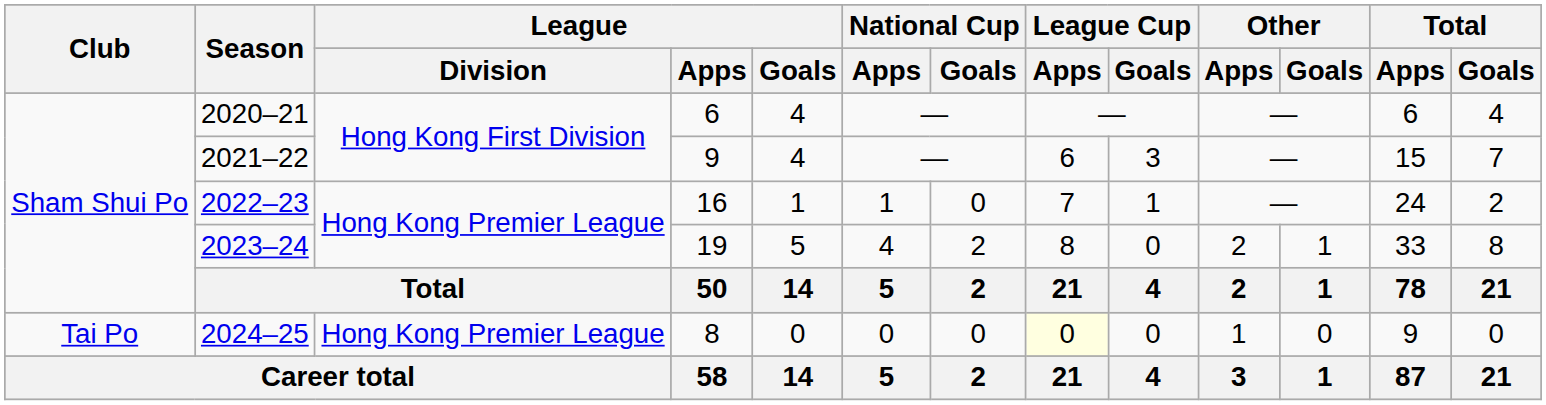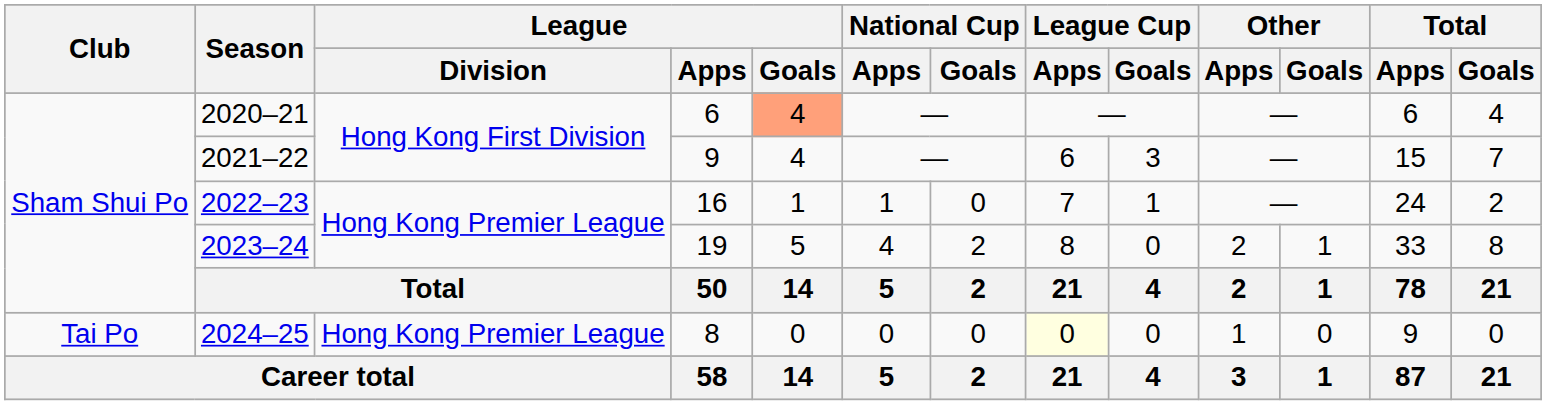 <table class="wikitable" style="text-align: center">
 <tr>
 <th rowspan="2">Club</th>
 <th rowspan="2">Season</th>
 <th colspan="3">League</th>
 <th colspan="2">National Cup</th>
 <th colspan="2">League Cup</th>
 <th colspan="2">Other</th>
 <th colspan="2">Total</th>
 </tr>
 <tr>
 <th>Division</th>
 <th>Apps</th>
 <th>Goals</th>
 <th>Apps</th>
 <th>Goals</th>
 <th>Apps</th>
 <th>Goals</th>
 <th>Apps</th>
 <th>Goals</th>
 <th>Apps</th>
 <th>Goals</th>
 </tr>
 <tr>
 <td rowspan="5"><a href='#'>Sham Shui Po</a></td>
 <td>2020–21</td>
 <td rowspan="2"><a href='#'>Hong Kong First Division</a></td>
 <td>6</td>
-<td>4</td>
+<td style="background: lightsalmon;">4</td>
 <td colspan="2">—</td>
 <td colspan="2">—</td>
 <td colspan="2">—</td>
 <td>6</td>
 <td>4</td>
 </tr>
 <tr>
 <td>2021–22</td>
 <td>9</td>
 <td>4</td>
 <td colspan="2">—</td>
 <td>6</td>
 <td>3</td>
 <td colspan="2">—</td>
 <td>15</td>
 <td>7</td>
 </tr>
 <tr>
 <td><a href='#'>2022–23</a></td>
 <td rowspan="2"><a href='#'>Hong Kong Premier League</a></td>
 <td>16</td>
 <td>1</td>
 <td>1</td>
 <td>0</td>
 <td>7</td>
 <td>1</td>
 <td colspan="2">—</td>
 <td>24</td>
 <td>2</td>
 </tr>
 <tr>
 <td><a href='#'>2023–24</a></td>
 <td>19</td>
 <td>5</td>
 <td>4</td>
 <td>2</td>
 <td>8</td>
 <td>0</td>
 <td>2</td>
 <td>1</td>
 <td>33</td>
 <td>8</td>
 </tr>
 <tr>
 <th colspan="2">Total</th>
 <th>50</th>
 <th>14</th>
 <th>5</th>
 <th>2</th>
 <th>21</th>
 <th>4</th>
 <th>2</th>
 <th>1</th>
 <th>78</th>
 <th>21</th>
 </tr>
 <tr>
 <td><a href='#'>Tai Po</a></td>
 <td><a href='#'>2024–25</a></td>
 <td><a href='#'>Hong Kong Premier League</a></td>
 <td>8</td>
 <td>0</td>
 <td>0</td>
 <td>0</td>
 <td style="background: lightyellow;">0</td>
 <td>0</td>
 <td>1</td>
 <td>0</td>
 <td>9</td>
 <td>0</td>
 </tr>
 <tr>
 <th colspan="3">Career total</th>
 <th>58</th>
 <th>14</th>
 <th>5</th>
 <th>2</th>
 <th>21</th>
 <th>4</th>
 <th>3</th>
 <th>1</th>
 <th>87</th>
 <th>21</th>
 </tr>
 </table>
